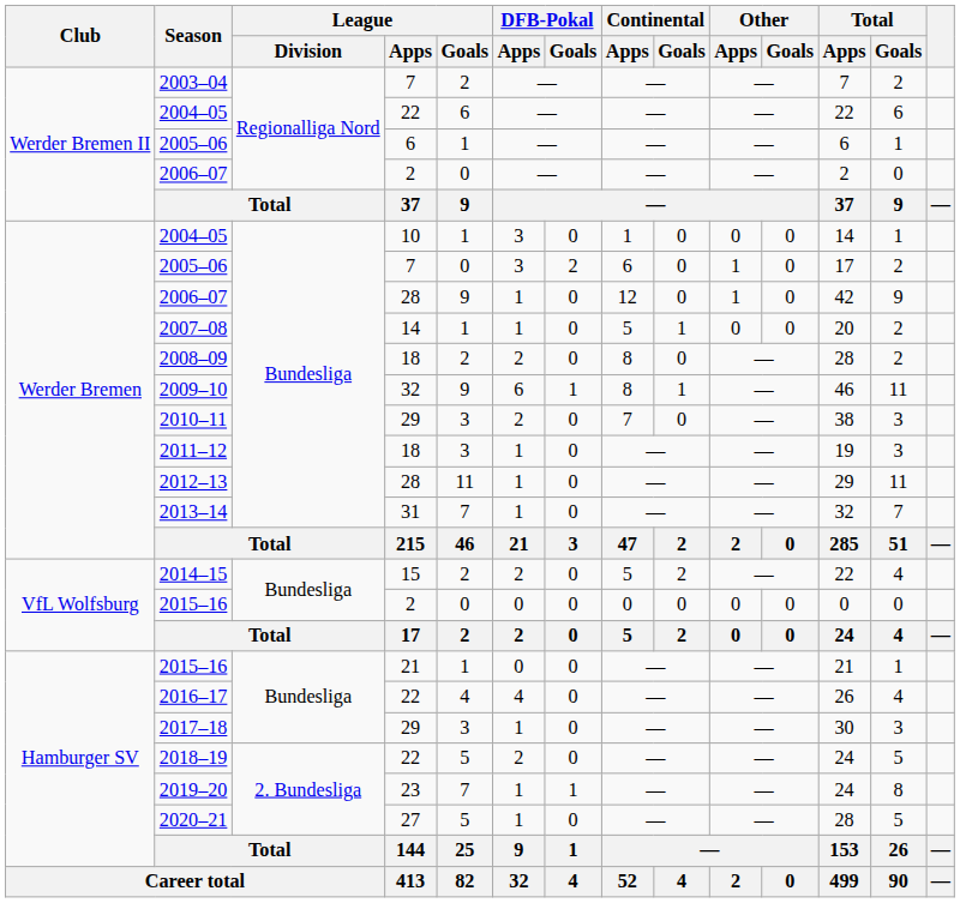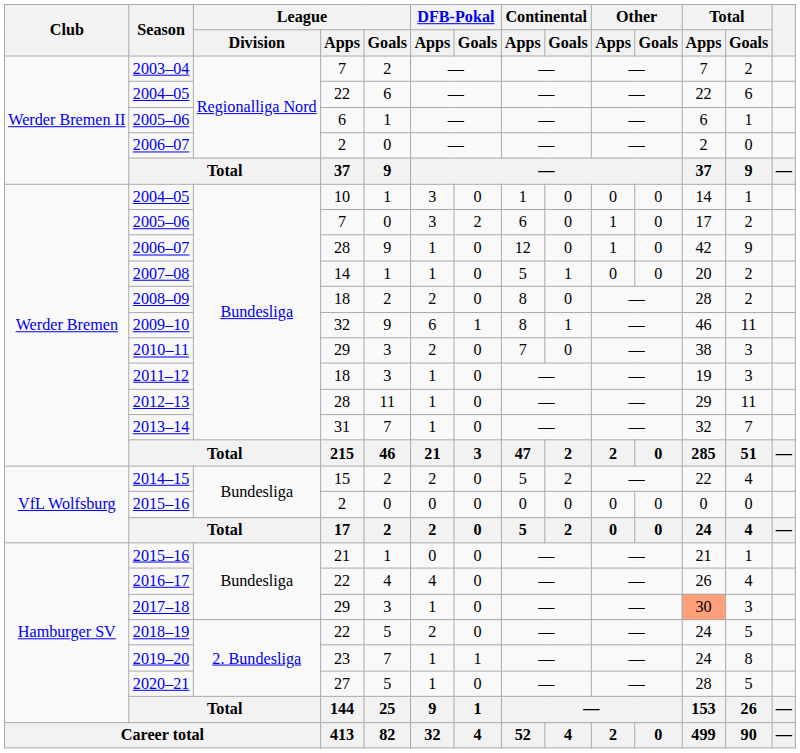 <table class="wikitable" style="text-align:center">
 <tr>
 <th rowspan="2">Club</th>
 <th rowspan="2">Season</th>
 <th colspan="3">League</th>
 <th colspan="2"><a href='#'>DFB-Pokal</a></th>
 <th colspan="2">Continental</th>
 <th colspan="2">Other</th>
 <th colspan="2">Total</th>
 <th rowspan="2"></th>
 </tr>
 <tr>
 <th>Division</th>
 <th>Apps</th>
 <th>Goals</th>
 <th>Apps</th>
 <th>Goals</th>
 <th>Apps</th>
 <th>Goals</th>
 <th>Apps</th>
 <th>Goals</th>
 <th>Apps</th>
 <th>Goals</th>
 </tr>
 <tr>
 <td rowspan="5"><a href='#'>Werder Bremen II</a></td>
 <td><a href='#'>2003–04</a></td>
 <td rowspan="4"><a href='#'>Regionalliga Nord</a></td>
 <td>7</td>
 <td>2</td>
 <td colspan="2">—</td>
 <td colspan="2">—</td>
 <td colspan="2">—</td>
 <td>7</td>
 <td>2</td>
 <td></td>
 </tr>
 <tr>
 <td><a href='#'>2004–05</a></td>
 <td>22</td>
 <td>6</td>
 <td colspan="2">—</td>
 <td colspan="2">—</td>
 <td colspan="2">—</td>
 <td>22</td>
 <td>6</td>
 <td></td>
 </tr>
 <tr>
 <td><a href='#'>2005–06</a></td>
 <td>6</td>
 <td>1</td>
 <td colspan="2">—</td>
 <td colspan="2">—</td>
 <td colspan="2">—</td>
 <td>6</td>
 <td>1</td>
 <td></td>
 </tr>
 <tr>
 <td><a href='#'>2006–07</a></td>
 <td>2</td>
 <td>0</td>
 <td colspan="2">—</td>
 <td colspan="2">—</td>
 <td colspan="2">—</td>
 <td>2</td>
 <td>0</td>
 <td></td>
 </tr>
 <tr>
 <th colspan="2">Total</th>
 <th>37</th>
 <th>9</th>
 <th colspan="6">—</th>
 <th>37</th>
 <th>9</th>
 <th>—</th>
 </tr>
 <tr>
 <td rowspan="11"><a href='#'>Werder Bremen</a></td>
 <td><a href='#'>2004–05</a></td>
 <td rowspan="10"><a href='#'>Bundesliga</a></td>
 <td>10</td>
 <td>1</td>
 <td>3</td>
 <td>0</td>
 <td>1</td>
 <td>0</td>
 <td>0</td>
 <td>0</td>
 <td>14</td>
 <td>1</td>
 <td></td>
 </tr>
 <tr>
 <td><a href='#'>2005–06</a></td>
 <td>7</td>
 <td>0</td>
 <td>3</td>
 <td>2</td>
 <td>6</td>
 <td>0</td>
 <td>1</td>
 <td>0</td>
 <td>17</td>
 <td>2</td>
 <td></td>
 </tr>
 <tr>
 <td><a href='#'>2006–07</a></td>
 <td>28</td>
 <td>9</td>
 <td>1</td>
 <td>0</td>
 <td>12</td>
 <td>0</td>
 <td>1</td>
 <td>0</td>
 <td>42</td>
 <td>9</td>
 <td></td>
 </tr>
 <tr>
 <td><a href='#'>2007–08</a></td>
 <td>14</td>
 <td>1</td>
 <td>1</td>
 <td>0</td>
 <td>5</td>
 <td>1</td>
 <td>0</td>
 <td>0</td>
 <td>20</td>
 <td>2</td>
 <td></td>
 </tr>
 <tr>
 <td><a href='#'>2008–09</a></td>
 <td>18</td>
 <td>2</td>
 <td>2</td>
 <td>0</td>
 <td>8</td>
 <td>0</td>
 <td colspan="2">—</td>
 <td>28</td>
 <td>2</td>
 <td></td>
 </tr>
 <tr>
 <td><a href='#'>2009–10</a></td>
 <td>32</td>
 <td>9</td>
 <td>6</td>
 <td>1</td>
 <td>8</td>
 <td>1</td>
 <td colspan="2">—</td>
 <td>46</td>
 <td>11</td>
 <td></td>
 </tr>
 <tr>
 <td><a href='#'>2010–11</a></td>
 <td>29</td>
 <td>3</td>
 <td>2</td>
 <td>0</td>
 <td>7</td>
 <td>0</td>
 <td colspan="2">—</td>
 <td>38</td>
 <td>3</td>
 <td></td>
 </tr>
 <tr>
 <td><a href='#'>2011–12</a></td>
 <td>18</td>
 <td>3</td>
 <td>1</td>
 <td>0</td>
 <td colspan="2">—</td>
 <td colspan="2">—</td>
 <td>19</td>
 <td>3</td>
 <td></td>
 </tr>
 <tr>
 <td><a href='#'>2012–13</a></td>
 <td>28</td>
 <td>11</td>
 <td>1</td>
 <td>0</td>
 <td colspan="2">—</td>
 <td colspan="2">—</td>
 <td>29</td>
 <td>11</td>
 <td></td>
 </tr>
 <tr>
 <td><a href='#'>2013–14</a></td>
 <td>31</td>
 <td>7</td>
 <td>1</td>
 <td>0</td>
 <td colspan="2">—</td>
 <td colspan="2">—</td>
 <td>32</td>
 <td>7</td>
 <td></td>
 </tr>
 <tr>
 <th colspan="2">Total</th>
 <th>215</th>
 <th>46</th>
 <th>21</th>
 <th>3</th>
 <th>47</th>
 <th>2</th>
 <th>2</th>
 <th>0</th>
 <th>285</th>
 <th>51</th>
 <th>—</th>
 </tr>
 <tr>
 <td rowspan="3"><a href='#'>VfL Wolfsburg</a></td>
 <td><a href='#'>2014–15</a></td>
 <td rowspan="2">Bundesliga</td>
 <td>15</td>
 <td>2</td>
 <td>2</td>
 <td>0</td>
 <td>5</td>
 <td>2</td>
 <td colspan="2">—</td>
 <td>22</td>
 <td>4</td>
 <td></td>
 </tr>
 <tr>
 <td><a href='#'>2015–16</a></td>
 <td>2</td>
 <td>0</td>
 <td>0</td>
 <td>0</td>
 <td>0</td>
 <td>0</td>
 <td>0</td>
 <td>0</td>
 <td>0</td>
 <td>0</td>
 <td></td>
 </tr>
 <tr>
 <th colspan="2">Total</th>
 <th>17</th>
 <th>2</th>
 <th>2</th>
 <th>0</th>
 <th>5</th>
 <th>2</th>
 <th>0</th>
 <th>0</th>
 <th>24</th>
 <th>4</th>
 <th>—</th>
 </tr>
 <tr>
 <td rowspan="7"><a href='#'>Hamburger SV</a></td>
 <td><a href='#'>2015–16</a></td>
 <td rowspan="3">Bundesliga</td>
 <td>21</td>
 <td>1</td>
 <td>0</td>
 <td>0</td>
 <td colspan="2">—</td>
 <td colspan="2">—</td>
 <td>21</td>
 <td>1</td>
 <td></td>
 </tr>
 <tr>
 <td><a href='#'>2016–17</a></td>
 <td>22</td>
 <td>4</td>
 <td>4</td>
 <td>0</td>
 <td colspan="2">—</td>
 <td colspan="2">—</td>
 <td>26</td>
 <td>4</td>
 <td></td>
 </tr>
 <tr>
 <td><a href='#'>2017–18</a></td>
 <td>29</td>
 <td>3</td>
 <td>1</td>
 <td>0</td>
 <td colspan="2">—</td>
 <td colspan="2">—</td>
-<td>30</td>
+<td style="background: lightsalmon;">30</td>
 <td>3</td>
 <td></td>
 </tr>
 <tr>
 <td><a href='#'>2018–19</a></td>
 <td rowspan="3"><a href='#'>2. Bundesliga</a></td>
 <td>22</td>
 <td>5</td>
 <td>2</td>
 <td>0</td>
 <td colspan="2">—</td>
 <td colspan="2">—</td>
 <td>24</td>
 <td>5</td>
 <td></td>
 </tr>
 <tr>
 <td><a href='#'>2019–20</a></td>
 <td>23</td>
 <td>7</td>
 <td>1</td>
 <td>1</td>
 <td colspan="2">—</td>
 <td colspan="2">—</td>
 <td>24</td>
 <td>8</td>
 <td></td>
 </tr>
 <tr>
 <td><a href='#'>2020–21</a></td>
 <td>27</td>
 <td>5</td>
 <td>1</td>
 <td>0</td>
 <td colspan="2">—</td>
 <td colspan="2">—</td>
 <td>28</td>
 <td>5</td>
 <td></td>
 </tr>
 <tr>
 <th colspan="2">Total</th>
 <th>144</th>
 <th>25</th>
 <th>9</th>
 <th>1</th>
 <th colspan="4">—</th>
 <th>153</th>
 <th>26</th>
 <th>—</th>
 </tr>
 <tr>
 <th colspan="3">Career total</th>
 <th>413</th>
 <th>82</th>
 <th>32</th>
 <th>4</th>
 <th>52</th>
 <th>4</th>
 <th>2</th>
 <th>0</th>
 <th>499</th>
 <th>90</th>
 <th>—</th>
 </tr>
 </table>
